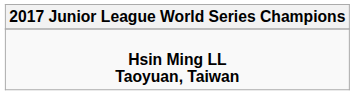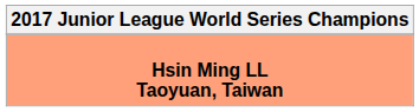 <table class="wikitable" style="text-align: center; margin: 0 auto;">
 <tr>
 <th>2017 Junior League World Series Champions</th>
 </tr>
 <tr>
 </tr>
 <tr>
-<td><br><strong>Hsin Ming LL</strong><br><strong>Taoyuan, Taiwan</strong></td>
+<td style="background: lightsalmon;"><br><strong>Hsin Ming LL</strong><br><strong>Taoyuan, Taiwan</strong></td>
 </tr>
 </table>
